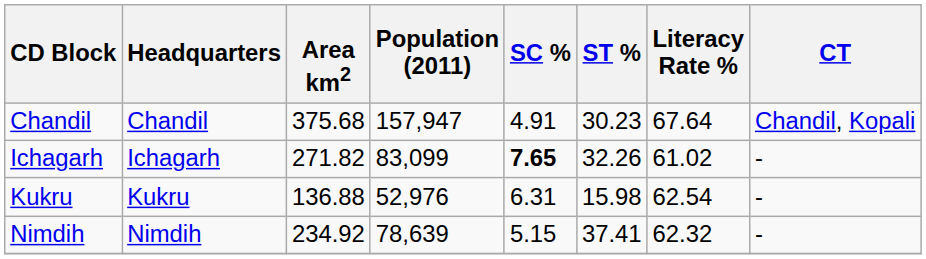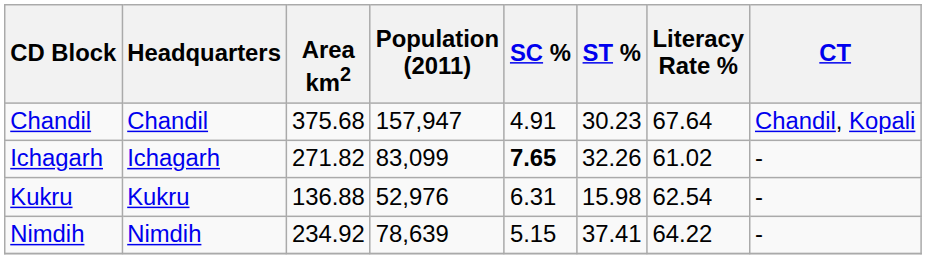 <table class="wikitable sortable">
 <tr>
 <th>CD Block</th>
 <th>Headquarters</th>
 <th><br>Area<br>km<sup>2</sup></th>
 <th>Population<br>(2011)</th>
 <th><a href='#'>SC</a> %</th>
 <th><a href='#'>ST</a> %</th>
 <th>Literacy<br> Rate %</th>
 <th><a href='#'>CT</a></th>
 </tr>
 <tr>
 <td><a href='#'>Chandil</a></td>
 <td><a href='#'>Chandil</a></td>
 <td>375.68</td>
 <td>157,947</td>
 <td>4.91</td>
 <td>30.23</td>
 <td>67.64</td>
 <td><a href='#'>Chandil</a>, <a href='#'>Kopali</a></td>
 </tr>
 <tr>
 <td><a href='#'>Ichagarh</a></td>
 <td><a href='#'>Ichagarh</a></td>
 <td>271.82</td>
 <td>83,099</td>
 <td><strong>7.65</strong></td>
 <td>32.26</td>
 <td>61.02</td>
 <td>-</td>
 </tr>
 <tr>
 <td><a href='#'>Kukru</a></td>
 <td><a href='#'>Kukru</a></td>
 <td>136.88</td>
 <td>52,976</td>
 <td>6.31</td>
 <td>15.98</td>
 <td>62.54</td>
 <td>-</td>
 </tr>
 <tr>
 <td><a href='#'>Nimdih</a></td>
 <td><a href='#'>Nimdih</a></td>
 <td>234.92</td>
 <td>78,639</td>
 <td>5.15</td>
 <td>37.41</td>
-<td>62.32</td>
+<td>64.22</td>
 <td>-</td>
 </tr>
 <tr>
 </tr>
 </table>
